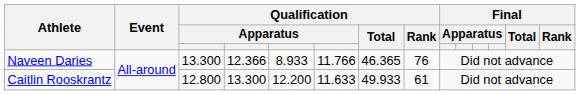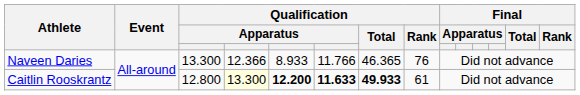 <table class="wikitable" style="font-size:90%">
 <tr>
 <th rowspan=3>Athlete</th>
 <th rowspan=3>Event</th>
 <th colspan=6>Qualification</th>
 <th colspan=6>Final</th>
 </tr>
 <tr style="font-size:95%">
 <th colspan=4>Apparatus</th>
 <th rowspan=2>Total</th>
 <th rowspan=2>Rank</th>
 <th colspan=4>Apparatus</th>
 <th rowspan=2>Total</th>
 <th rowspan=2>Rank</th>
 </tr>
 <tr style="font-size:95%">
 <th></th>
 <th></th>
 <th></th>
 <th></th>
 <th></th>
 <th></th>
 <th></th>
 <th></th>
 </tr>
 <tr align=center>
 <td align=left><a href='#'>Naveen Daries</a></td>
 <td rowspan="2" align="left"><a href='#'>All-around</a></td>
 <td>13.300</td>
 <td>12.366</td>
 <td>8.933</td>
 <td>11.766</td>
 <td>46.365</td>
 <td>76</td>
 <td colspan=6>Did not advance</td>
 </tr>
 <tr align=center>
 <td align=left><a href='#'>Caitlin Rooskrantz</a></td>
 <td>12.800</td>
-<td>13.300</td>
-<td>12.200</td>
-<td>11.633</td>
-<td>49.933</td>
+<td style="background: lightyellow;">13.300</td>
+<td><strong>12.200</strong></td>
+<td><strong>11.633</strong></td>
+<td><strong>49.933</strong></td>
 <td>61</td>
 <td colspan=6>Did not advance</td>
 </tr>
 </table>
